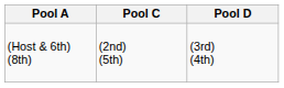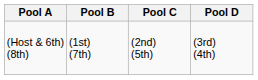 <table class="wikitable">
 <tr>
 <th width=25%>Pool A</th>
+<th width=25%>Pool B</th>
 <th width=25%>Pool C</th>
 <th width=25%>Pool D</th>
 </tr>
 <tr>
 <td valign=top><br> (Host & 6th)<br>  (8th)<br> </td>
+<td valign=top><br> (1st)<br>  (7th)<br> </td>
 <td><br> (2nd)<br>  (5th)<br> <br> </td>
 <td><br> (3rd)<br>  (4th)<br> <br> </td>
 </tr>
 </table>
